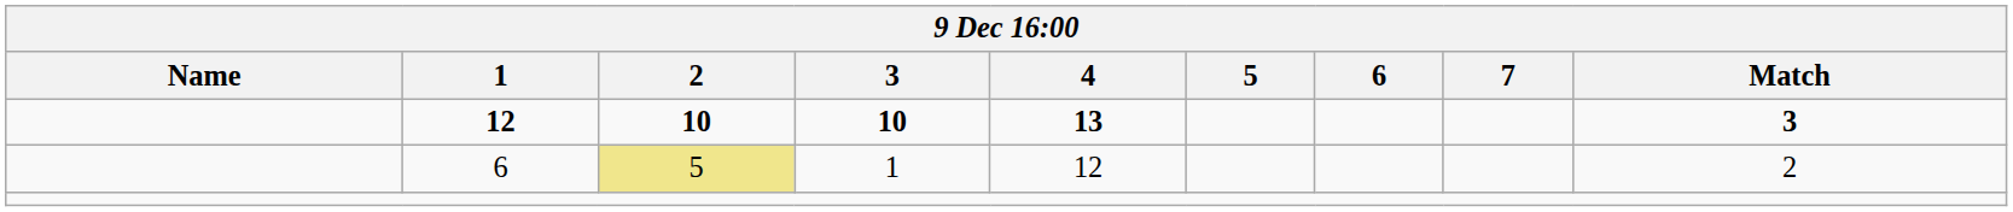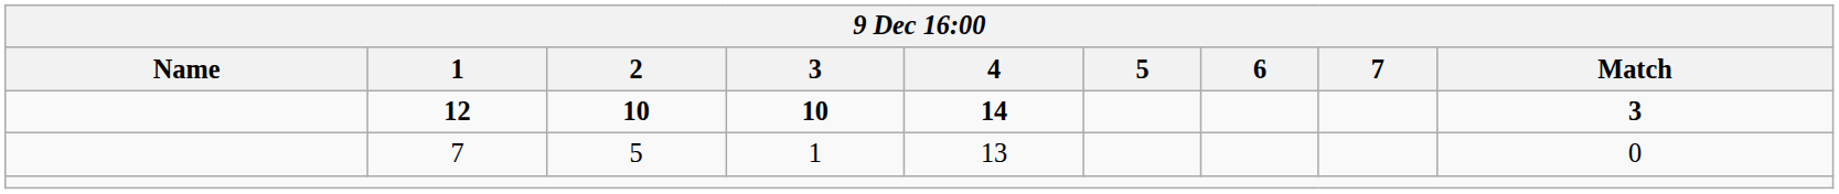 <table class=wikitable style="text-align:center; width: 55%">
 <tr>
 <th colspan=17><em> 9 Dec 16:00</em></th>
 </tr>
 <tr>
 <th>Name</th>
 <th>1</th>
 <th>2</th>
 <th>3</th>
 <th>4</th>
 <th>5</th>
 <th>6</th>
 <th>7</th>
 <th>Match</th>
 </tr>
 <tr>
 <td style="text-align:left;"><strong></strong></td>
 <td><strong>12</strong></td>
 <td><strong>10</strong></td>
 <td><strong>10</strong></td>
-<td><strong>13</strong></td>
+<td><strong>14</strong></td>
 <td></td>
 <td></td>
 <td></td>
 <td><strong>3</strong></td>
 </tr>
 <tr>
 <td style="text-align:left;"></td>
-<td>6</td>
-<td style="background: khaki;">5</td>
+<td>7</td>
+<td>5</td>
 <td>1</td>
-<td>12</td>
+<td>13</td>
 <td></td>
 <td></td>
 <td></td>
-<td>2</td>
+<td>0</td>
 </tr>
 <tr>
 <td colspan=17></td>
 </tr>
 </table>
